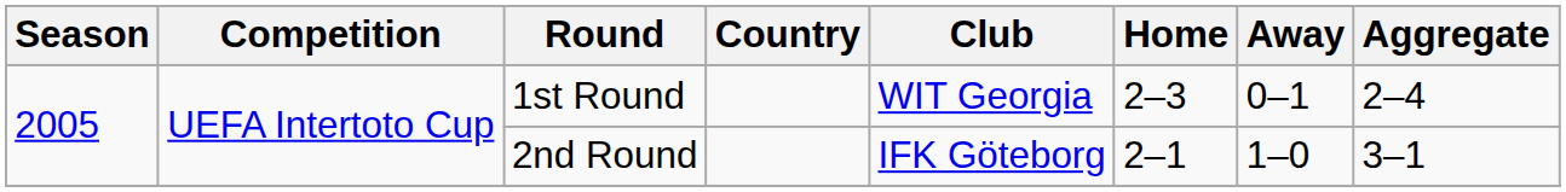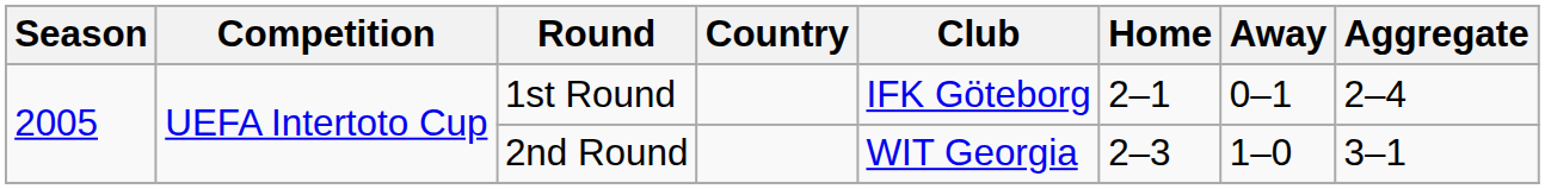 <table class="wikitable">
 <tr>
 <th>Season</th>
 <th>Competition</th>
 <th>Round</th>
 <th>Country</th>
 <th>Club</th>
 <th>Home</th>
 <th>Away</th>
 <th>Aggregate</th>
 </tr>
 <tr>
 <td rowspan="2"><a href='#'>2005</a></td>
 <td rowspan="2"><a href='#'>UEFA Intertoto Cup</a></td>
 <td>1st Round</td>
 <td></td>
-<td><a href='#'>WIT Georgia</a></td>
-<td>2–3</td>
+<td><a href='#'>IFK Göteborg</a></td>
+<td>2–1</td>
 <td>0–1</td>
 <td>2–4</td>
 </tr>
 <tr>
 <td>2nd Round</td>
 <td></td>
-<td><a href='#'>IFK Göteborg</a></td>
-<td>2–1</td>
+<td><a href='#'>WIT Georgia</a></td>
+<td>2–3</td>
 <td>1–0</td>
 <td>3–1</td>
 </tr>
 <tr>
 </tr>
 </table>
